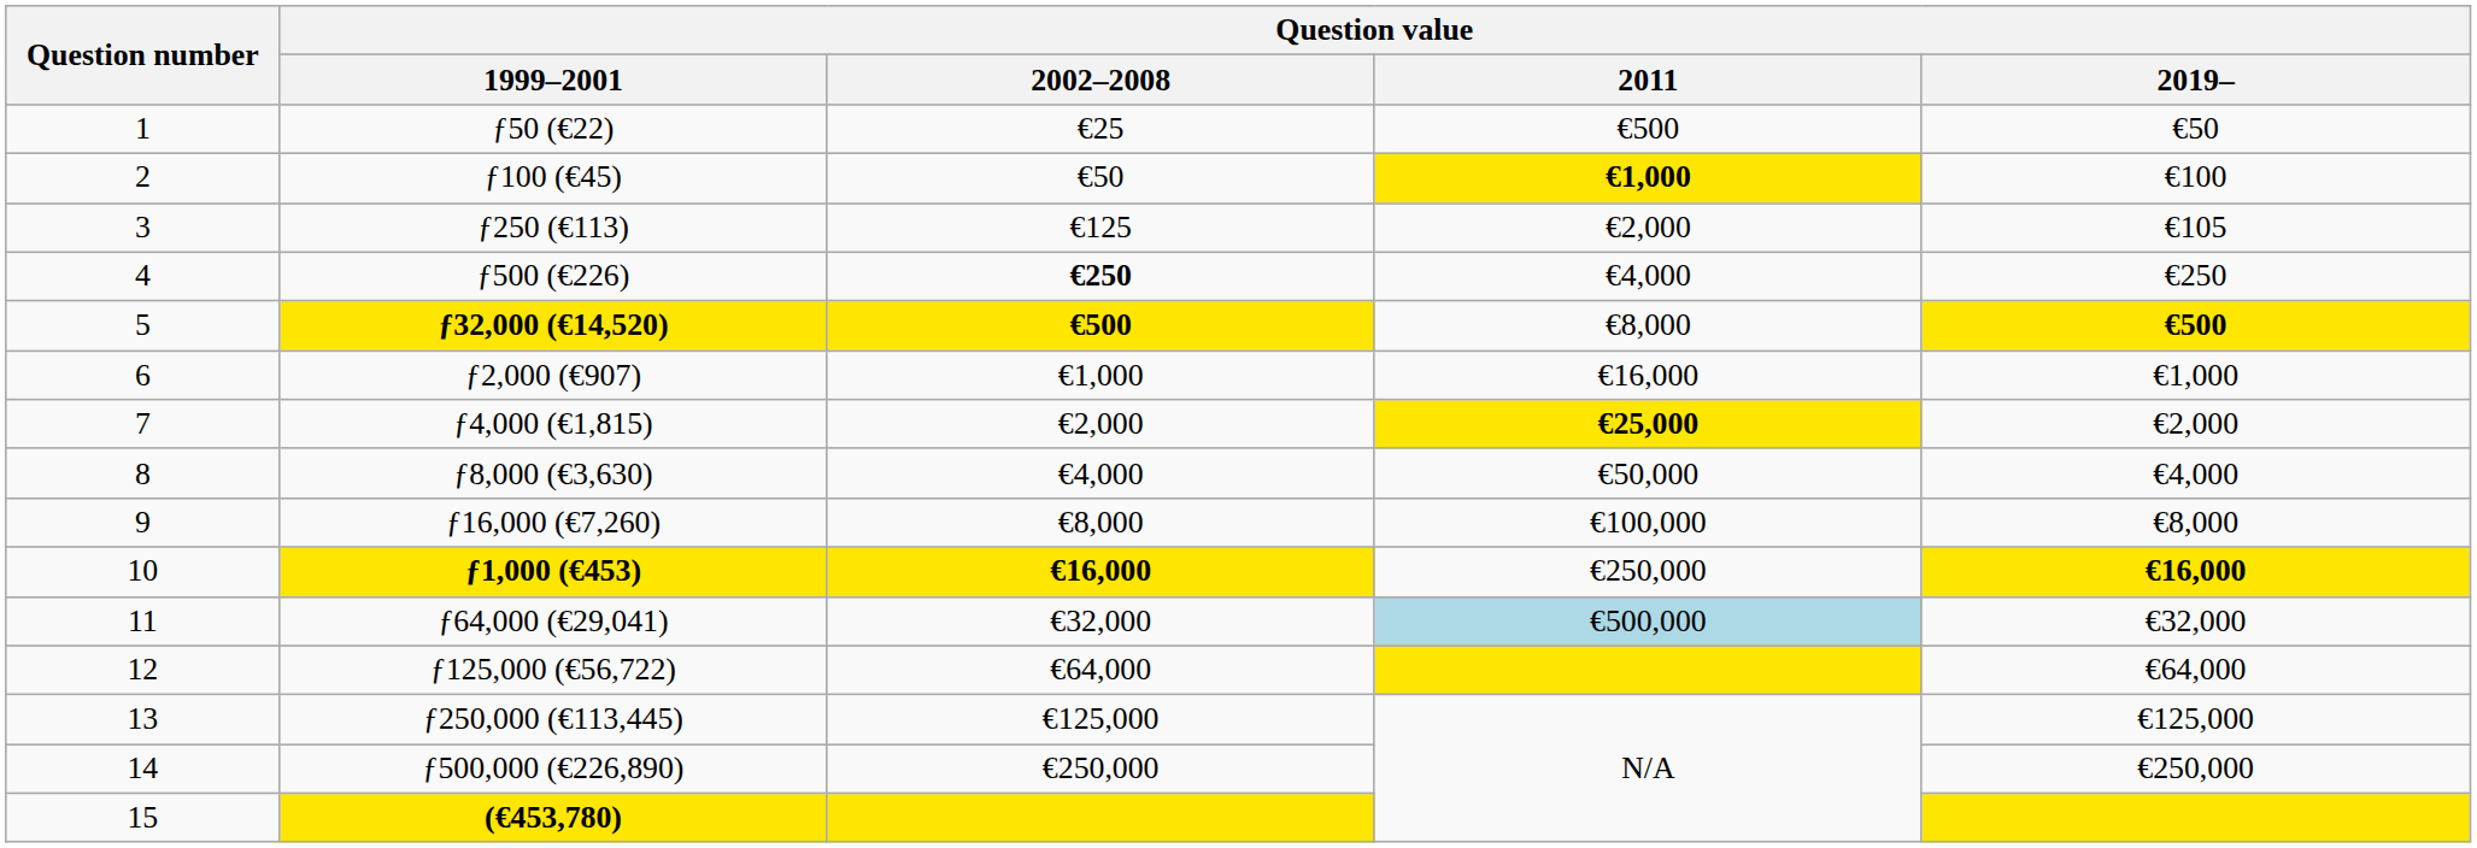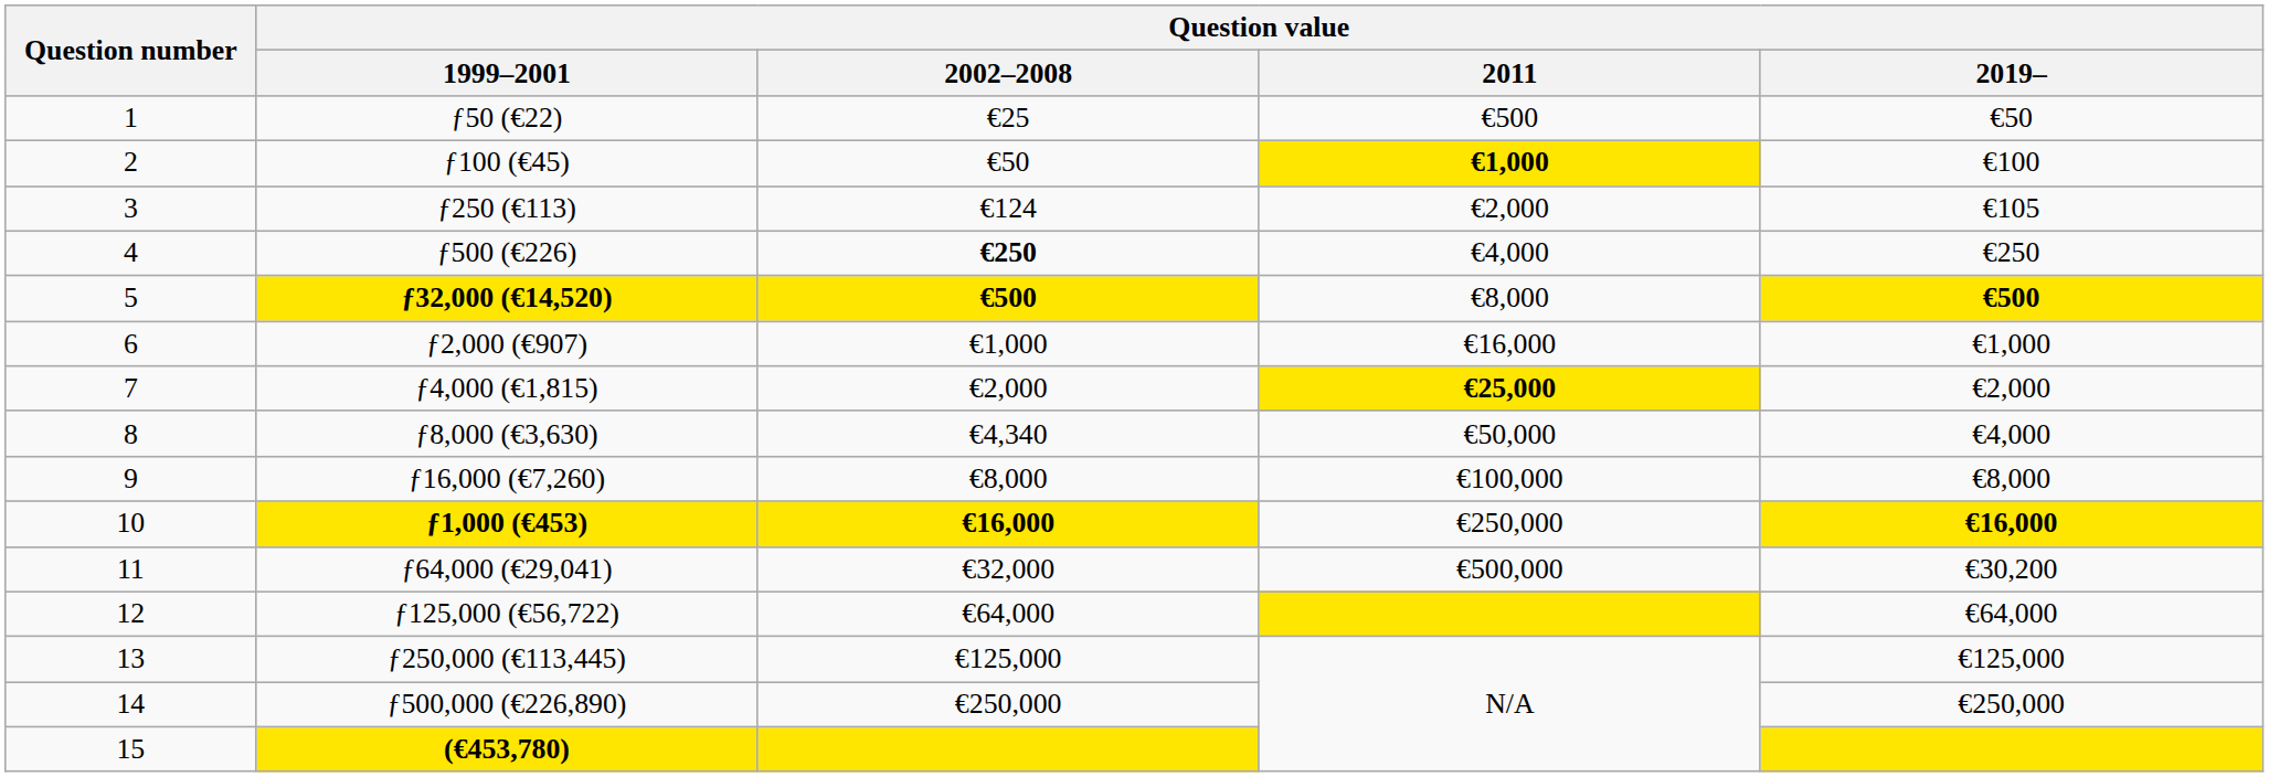 <table class="wikitable" style="text-align:center; border:1px; cellpadding:2; cellspacing:0;">
 <tr>
 <th rowspan="2" style="width: 10%">Question number</th>
 <th colspan="4">Question value</th>
 </tr>
 <tr>
 <th style="width:20%">1999–2001</th>
 <th style="width:20%">2002–2008</th>
 <th style="width:20%">2011</th>
 <th style="width:20%">2019–</th>
 </tr>
 <tr>
 <td>1</td>
 <td>ƒ50 (€22)</td>
 <td>€25</td>
 <td>€500</td>
 <td>€50</td>
 </tr>
 <tr>
 <td>2</td>
 <td>ƒ100 (€45)</td>
 <td>€50</td>
 <td style="background: #FFE600"><strong>€1,000</strong></td>
 <td>€100</td>
 </tr>
 <tr>
 <td>3</td>
 <td>ƒ250 (€113)</td>
-<td>€125</td>
+<td>€124</td>
 <td>€2,000</td>
 <td>€105</td>
 </tr>
 <tr>
 <td>4</td>
 <td>ƒ500 (€226)</td>
 <td><strong>€250</strong></td>
 <td>€4,000</td>
 <td>€250</td>
 </tr>
 <tr>
 <td>5</td>
 <td style="background: #FFE600"><strong>ƒ32,000 (€14,520)</strong></td>
 <td style="background: #FFE600"><strong>€500</strong></td>
 <td>€8,000</td>
 <td style="background: #FFE600"><strong>€500</strong></td>
 </tr>
 <tr>
 <td>6</td>
 <td>ƒ2,000 (€907)</td>
 <td>€1,000</td>
 <td>€16,000</td>
 <td>€1,000</td>
 </tr>
 <tr>
 <td>7</td>
 <td>ƒ4,000 (€1,815)</td>
 <td>€2,000</td>
 <td style="background: #FFE600"><strong>€25,000</strong></td>
 <td>€2,000</td>
 </tr>
 <tr>
 <td>8</td>
 <td>ƒ8,000 (€3,630)</td>
-<td>€4,000</td>
+<td>€4,340</td>
 <td>€50,000</td>
 <td>€4,000</td>
 </tr>
 <tr>
 <td>9</td>
 <td>ƒ16,000 (€7,260)</td>
 <td>€8,000</td>
 <td>€100,000</td>
 <td>€8,000</td>
 </tr>
 <tr>
 <td>10</td>
 <td style="background: #FFE600"><strong>ƒ1,000 (€453)</strong></td>
 <td style="background: #FFE600"><strong>€16,000</strong></td>
 <td>€250,000</td>
 <td style="background: #FFE600"><strong>€16,000</strong></td>
 </tr>
 <tr>
 <td>11</td>
 <td>ƒ64,000 (€29,041)</td>
 <td>€32,000</td>
-<td style="background: lightblue;">€500,000</td>
-<td>€32,000</td>
+<td>€500,000</td>
+<td>€30,200</td>
 </tr>
 <tr>
 <td>12</td>
 <td>ƒ125,000 (€56,722)</td>
 <td>€64,000</td>
 <td style="background: #FFE600"><strong></strong></td>
 <td>€64,000</td>
 </tr>
 <tr>
 <td>13</td>
 <td>ƒ250,000 (€113,445)</td>
 <td>€125,000</td>
 <td rowspan="3">N/A</td>
 <td>€125,000</td>
 </tr>
 <tr>
 <td>14</td>
 <td>ƒ500,000 (€226,890)</td>
 <td>€250,000</td>
 <td>€250,000</td>
 </tr>
 <tr>
 <td>15</td>
 <td style="background: #FFE600"><strong> (€453,780)</strong></td>
 <td style="background: #FFE600"><strong></strong></td>
 <td style="background: #FFE600"><strong></strong></td>
 </tr>
 </table>
